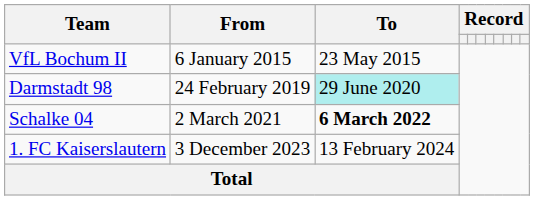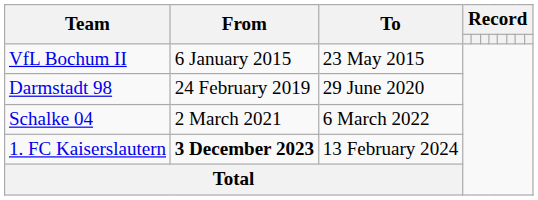 <table class="wikitable" style="text-align: center">
 <tr>
 <th rowspan="2">Team</th>
 <th rowspan="2">From</th>
 <th rowspan="2">To</th>
 <th colspan="8">Record</th>
 </tr>
 <tr>
 <th></th>
 <th></th>
 <th></th>
 <th></th>
 <th></th>
 <th></th>
 <th></th>
 <th></th>
 </tr>
 <tr>
 <td align=left><a href='#'>VfL Bochum II</a></td>
 <td align=left>6 January 2015</td>
 <td align=left>23 May 2015<br></td>
 </tr>
 <tr>
 <td align=left><a href='#'>Darmstadt 98</a></td>
 <td align=left>24 February 2019</td>
-<td align=left style="background: paleturquoise;">29 June 2020<br></td>
+<td align=left>29 June 2020<br></td>
 </tr>
 <tr>
 <td align=left><a href='#'>Schalke 04</a></td>
 <td align=left>2 March 2021</td>
-<td align=left><strong>6 March 2022<br></strong></td>
+<td align=left>6 March 2022<br></td>
 </tr>
 <tr>
 <td align=left><a href='#'>1. FC Kaiserslautern</a></td>
-<td align=left>3 December 2023</td>
+<td align=left><strong>3 December 2023</strong></td>
 <td align=left>13 February 2024<br></td>
 </tr>
 <tr>
 <th colspan="3">Total<br></th>
 </tr>
 </table>
